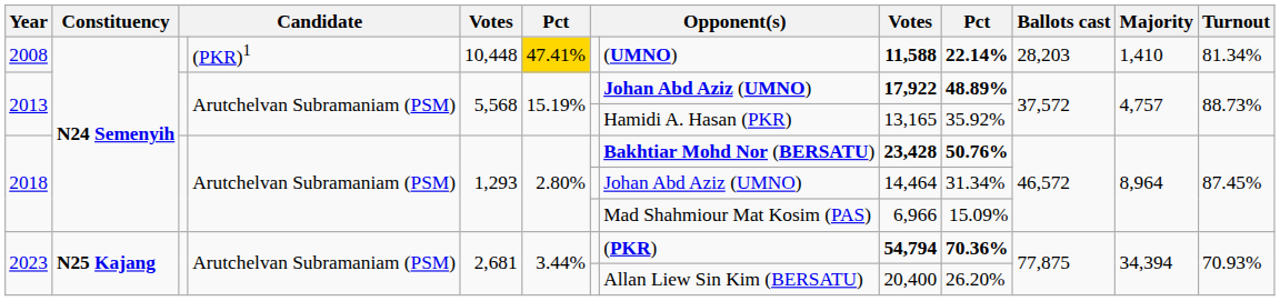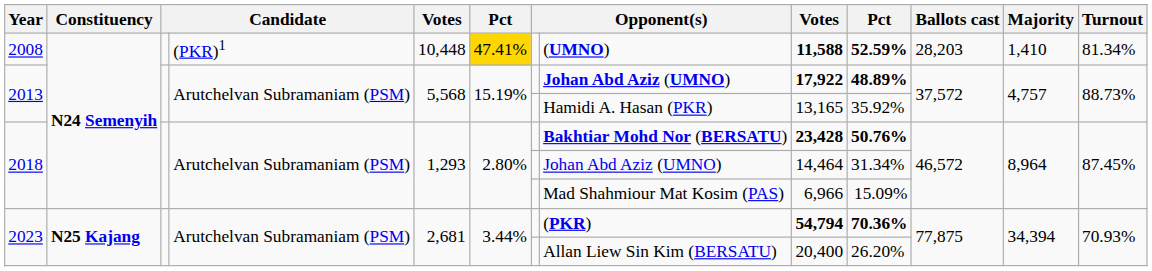 <table class="wikitable" style="margin:0.5em ; font-size:95%">
 <tr>
 <th>Year</th>
 <th>Constituency</th>
 <th colspan=2>Candidate</th>
 <th>Votes</th>
 <th>Pct</th>
 <th colspan=2>Opponent(s)</th>
 <th>Votes</th>
 <th>Pct</th>
 <th>Ballots cast</th>
 <th>Majority</th>
 <th>Turnout</th>
 </tr>
 <tr>
 <td><a href='#'>2008</a></td>
 <td rowspan=6><strong>N24 <a href='#'>Semenyih</a></strong></td>
 <td></td>
 <td> (<a href='#'>PKR</a>)<sup>1</sup></td>
 <td align="right">10,448</td>
 <td style="background: gold;">47.41%</td>
 <td></td>
 <td> (<a href='#'><strong>UMNO</strong></a>)</td>
 <td align="right"><strong>11,588</strong></td>
-<td><strong>22.14%</strong></td>
+<td><strong>52.59%</strong></td>
 <td>28,203</td>
 <td>1,410</td>
 <td>81.34%</td>
 </tr>
 <tr>
 <td rowspan=2><a href='#'>2013</a></td>
 <td rowspan=2 bgcolor=></td>
 <td rowspan=2>Arutchelvan Subramaniam (<a href='#'>PSM</a>)</td>
 <td rowspan=2 align="right">5,568</td>
 <td rowspan=2>15.19%</td>
 <td></td>
 <td><strong><a href='#'>Johan Abd Aziz</a></strong> (<a href='#'><strong>UMNO</strong></a>)</td>
 <td align="right"><strong>17,922</strong></td>
 <td><strong>48.89%</strong></td>
 <td rowspan=2>37,572</td>
 <td rowspan=2>4,757</td>
 <td rowspan=2>88.73%</td>
 </tr>
 <tr>
 <td></td>
 <td>Hamidi A. Hasan (<a href='#'>PKR</a>)</td>
 <td align="right">13,165</td>
 <td>35.92%</td>
 </tr>
 <tr>
 <td rowspan=3><a href='#'>2018</a></td>
 <td rowspan=3 bgcolor=></td>
 <td rowspan=3>Arutchelvan Subramaniam (<a href='#'>PSM</a>)</td>
 <td rowspan=3 align="right">1,293</td>
 <td rowspan=3 align="right">2.80%</td>
 <td></td>
 <td><strong><a href='#'>Bakhtiar Mohd Nor</a></strong> (<a href='#'><strong>BERSATU</strong></a>)</td>
 <td align=right><strong>23,428</strong></td>
 <td><strong>50.76%</strong></td>
 <td rowspan=3>46,572</td>
 <td rowspan=3>8,964</td>
 <td rowspan=3>87.45%</td>
 </tr>
 <tr>
 <td></td>
 <td><a href='#'>Johan Abd Aziz</a> (<a href='#'>UMNO</a>)</td>
 <td align="right">14,464</td>
 <td>31.34%</td>
 </tr>
 <tr>
 <td></td>
 <td>Mad Shahmiour Mat Kosim (<a href='#'>PAS</a>)</td>
 <td align="right">6,966</td>
 <td align="right">15.09%</td>
 </tr>
 <tr>
 <td rowspan=2><a href='#'>2023</a></td>
 <td rowspan=2><strong>N25 <a href='#'>Kajang</a></strong></td>
 <td rowspan=2 bgcolor=></td>
 <td rowspan=2>Arutchelvan Subramaniam (<a href='#'>PSM</a>)</td>
 <td rowspan=2 align="right">2,681</td>
 <td rowspan=2 align="right">3.44%</td>
 <td></td>
 <td> (<a href='#'><strong>PKR</strong></a>)</td>
 <td align="right"><strong>54,794</strong></td>
 <td><strong>70.36%</strong></td>
 <td rowspan=2>77,875</td>
 <td rowspan=2>34,394</td>
 <td rowspan=2>70.93%</td>
 </tr>
 <tr>
 <td></td>
 <td>Allan Liew Sin Kim (<a href='#'>BERSATU</a>)</td>
 <td align="right">20,400</td>
 <td>26.20%</td>
 </tr>
 </table>
